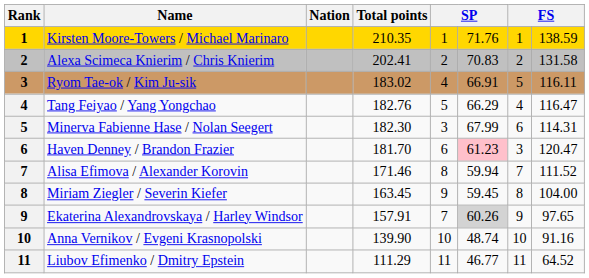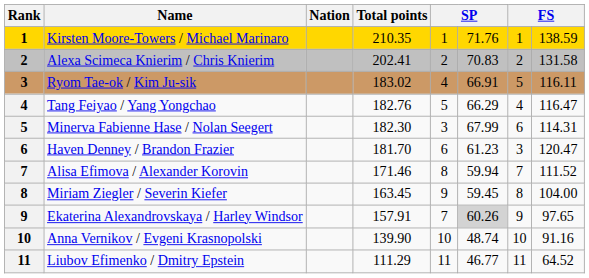 <table class="wikitable sortable">
 <tr>
 <th>Rank</th>
 <th>Name</th>
 <th>Nation</th>
 <th>Total points</th>
 <th colspan="2" width="80px"><a href='#'>SP</a></th>
 <th colspan="2" width="80px"><a href='#'>FS</a></th>
 </tr>
 <tr bgcolor="gold">
 <td align="center"><strong>1</strong></td>
 <td><a href='#'>Kirsten Moore-Towers</a> / <a href='#'>Michael Marinaro</a></td>
 <td></td>
 <td align="center">210.35</td>
 <td align="center">1</td>
 <td align="center">71.76</td>
 <td align="center">1</td>
 <td align="center">138.59</td>
 </tr>
 <tr bgcolor="silver">
 <td align="center"><strong>2</strong></td>
 <td><a href='#'>Alexa Scimeca Knierim</a> / <a href='#'>Chris Knierim</a></td>
 <td></td>
 <td align="center">202.41</td>
 <td align="center">2</td>
 <td align="center">70.83</td>
 <td align="center">2</td>
 <td align="center">131.58</td>
 </tr>
 <tr bgcolor="cc9966">
 <td align="center"><strong>3</strong></td>
 <td><a href='#'>Ryom Tae-ok</a> / <a href='#'>Kim Ju-sik</a></td>
 <td></td>
 <td align="center">183.02</td>
 <td align="center">4</td>
 <td align="center">66.91</td>
 <td align="center">5</td>
 <td align="center">116.11</td>
 </tr>
 <tr>
 <th>4</th>
 <td><a href='#'>Tang Feiyao</a> / <a href='#'>Yang Yongchao</a></td>
 <td></td>
 <td align="center">182.76</td>
 <td align="center">5</td>
 <td align="center">66.29</td>
 <td align="center">4</td>
 <td align="center">116.47</td>
 </tr>
 <tr>
 <th>5</th>
 <td><a href='#'>Minerva Fabienne Hase</a> / <a href='#'>Nolan Seegert</a></td>
 <td></td>
 <td align="center">182.30</td>
 <td align="center">3</td>
 <td align="center">67.99</td>
 <td align="center">6</td>
 <td align="center">114.31</td>
 </tr>
 <tr>
 <th>6</th>
 <td><a href='#'>Haven Denney</a> / <a href='#'>Brandon Frazier</a></td>
 <td></td>
 <td align="center">181.70</td>
 <td align="center">6</td>
-<td align="center" style="background: pink;">61.23</td>
+<td align="center">61.23</td>
 <td align="center">3</td>
 <td align="center">120.47</td>
 </tr>
 <tr>
 <th>7</th>
 <td><a href='#'>Alisa Efimova</a> / <a href='#'>Alexander Korovin</a></td>
 <td></td>
 <td align="center">171.46</td>
 <td align="center">8</td>
 <td align="center">59.94</td>
 <td align="center">7</td>
 <td align="center">111.52</td>
 </tr>
 <tr>
 <th>8</th>
 <td><a href='#'>Miriam Ziegler</a> / <a href='#'>Severin Kiefer</a></td>
 <td></td>
 <td align="center">163.45</td>
 <td align="center">9</td>
 <td align="center">59.45</td>
 <td align="center">8</td>
 <td align="center">104.00</td>
 </tr>
 <tr>
 <th>9</th>
 <td><a href='#'>Ekaterina Alexandrovskaya</a> / <a href='#'>Harley Windsor</a></td>
 <td></td>
 <td align="center">157.91</td>
 <td align="center">7</td>
 <td align="center" style="background: lightgrey;">60.26</td>
 <td align="center">9</td>
 <td align="center">97.65</td>
 </tr>
 <tr>
 <th>10</th>
 <td><a href='#'>Anna Vernikov</a> / <a href='#'>Evgeni Krasnopolski</a></td>
 <td></td>
 <td align="center">139.90</td>
 <td align="center">10</td>
 <td align="center">48.74</td>
 <td align="center">10</td>
 <td align="center">91.16</td>
 </tr>
 <tr>
 <th>11</th>
 <td><a href='#'>Liubov Efimenko</a> / <a href='#'>Dmitry Epstein</a></td>
 <td></td>
 <td align="center">111.29</td>
 <td align="center">11</td>
 <td align="center">46.77</td>
 <td align="center">11</td>
 <td align="center">64.52</td>
 </tr>
 </table>
